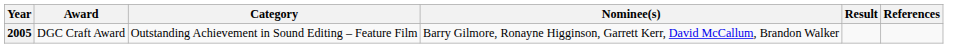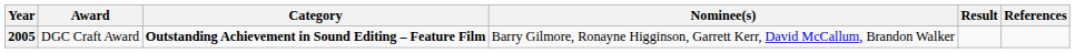 <table class="sortable wikitable plainrowheaders awards-table" style="table-layout: fixed; margin-right: 0; ">
 <tr>
 <th scope="col">Year</th>
 <th scope="col">Award</th>
 <th scope="col">Category</th>
 <th scope="col">Nominee(s)</th>
 <th scope="col">Result</th>
 <th scope="col" class="unsortable">References</th>
 </tr>
 <tr>
 <th rowspan="5" scope="row">2005</th>
 <td rowspan="5">DGC Craft Award</td>
-<td>Outstanding Achievement in Sound Editing – Feature Film</td>
+<td><strong>Outstanding Achievement in Sound Editing – Feature Film</strong></td>
 <td>Barry Gilmore, Ronayne Higginson, Garrett Kerr, <a href='#'>David McCallum</a>, Brandon Walker</td>
 <td></td>
 <td rowspan="5"></td>
 </tr>
 </table>
